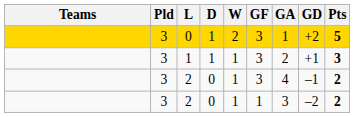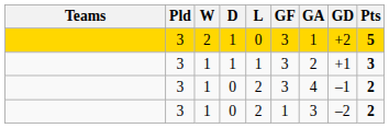 <table class="wikitable" style="text-align: center;">
 <tr>
 <th width=165>Teams</th>
 <th width=20>Pld</th>
+<th width=20>W</th>
+<th width=20>D</th>
 <th width=20>L</th>
-<th width=20>D</th>
-<th width=20>W</th>
 <th width=20>GF</th>
 <th width=20>GA</th>
 <th width=20>GD</th>
 <th width=20>Pts</th>
 </tr>
 <tr align=center style="background:gold">
 <td style="text-align:left;"></td>
 <td>3</td>
+<td>2</td>
+<td>1</td>
 <td>0</td>
-<td>1</td>
-<td>2</td>
 <td>3</td>
 <td>1</td>
 <td>+2</td>
 <td><strong>5</strong></td>
 </tr>
 <tr align=center>
 <td style="text-align:left;"></td>
 <td>3</td>
 <td>1</td>
 <td>1</td>
 <td>1</td>
 <td>3</td>
 <td>2</td>
 <td>+1</td>
 <td><strong>3</strong></td>
 </tr>
 <tr align=center>
 <td style="text-align:left;"></td>
 <td>3</td>
+<td>1</td>
+<td>0</td>
 <td>2</td>
-<td>0</td>
-<td>1</td>
 <td>3</td>
 <td>4</td>
 <td>–1</td>
 <td><strong>2</strong></td>
 </tr>
 <tr align=center>
 <td style="text-align:left;"></td>
 <td>3</td>
+<td>1</td>
+<td>0</td>
 <td>2</td>
-<td>0</td>
-<td>1</td>
 <td>1</td>
 <td>3</td>
 <td>–2</td>
 <td><strong>2</strong></td>
 </tr>
 </table>
